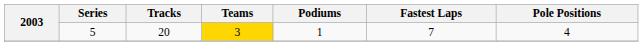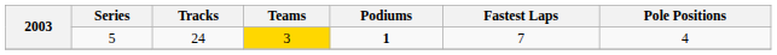 <table class="wikitable" width="881px">
 <tr>
 <th scope="col" rowspan="2">2003</th>
 <th scope="col">Series</th>
 <th scope="col">Tracks</th>
 <th scope="col">Teams</th>
 <th scope="col">Podiums</th>
 <th scope="col">Fastest Laps</th>
 <th scope="col">Pole Positions</th>
 </tr>
 <tr>
 <td style="text-align:center">5</td>
-<td style="text-align:center">20</td>
+<td style="text-align:center">24</td>
 <td style="background: gold; text-align:center">3</td>
-<td style="text-align:center">1</td>
+<td style="text-align:center"><strong>1</strong></td>
 <td style="text-align:center">7</td>
 <td style="text-align:center">4</td>
 </tr>
 <tr>
 </tr>
 </table>
